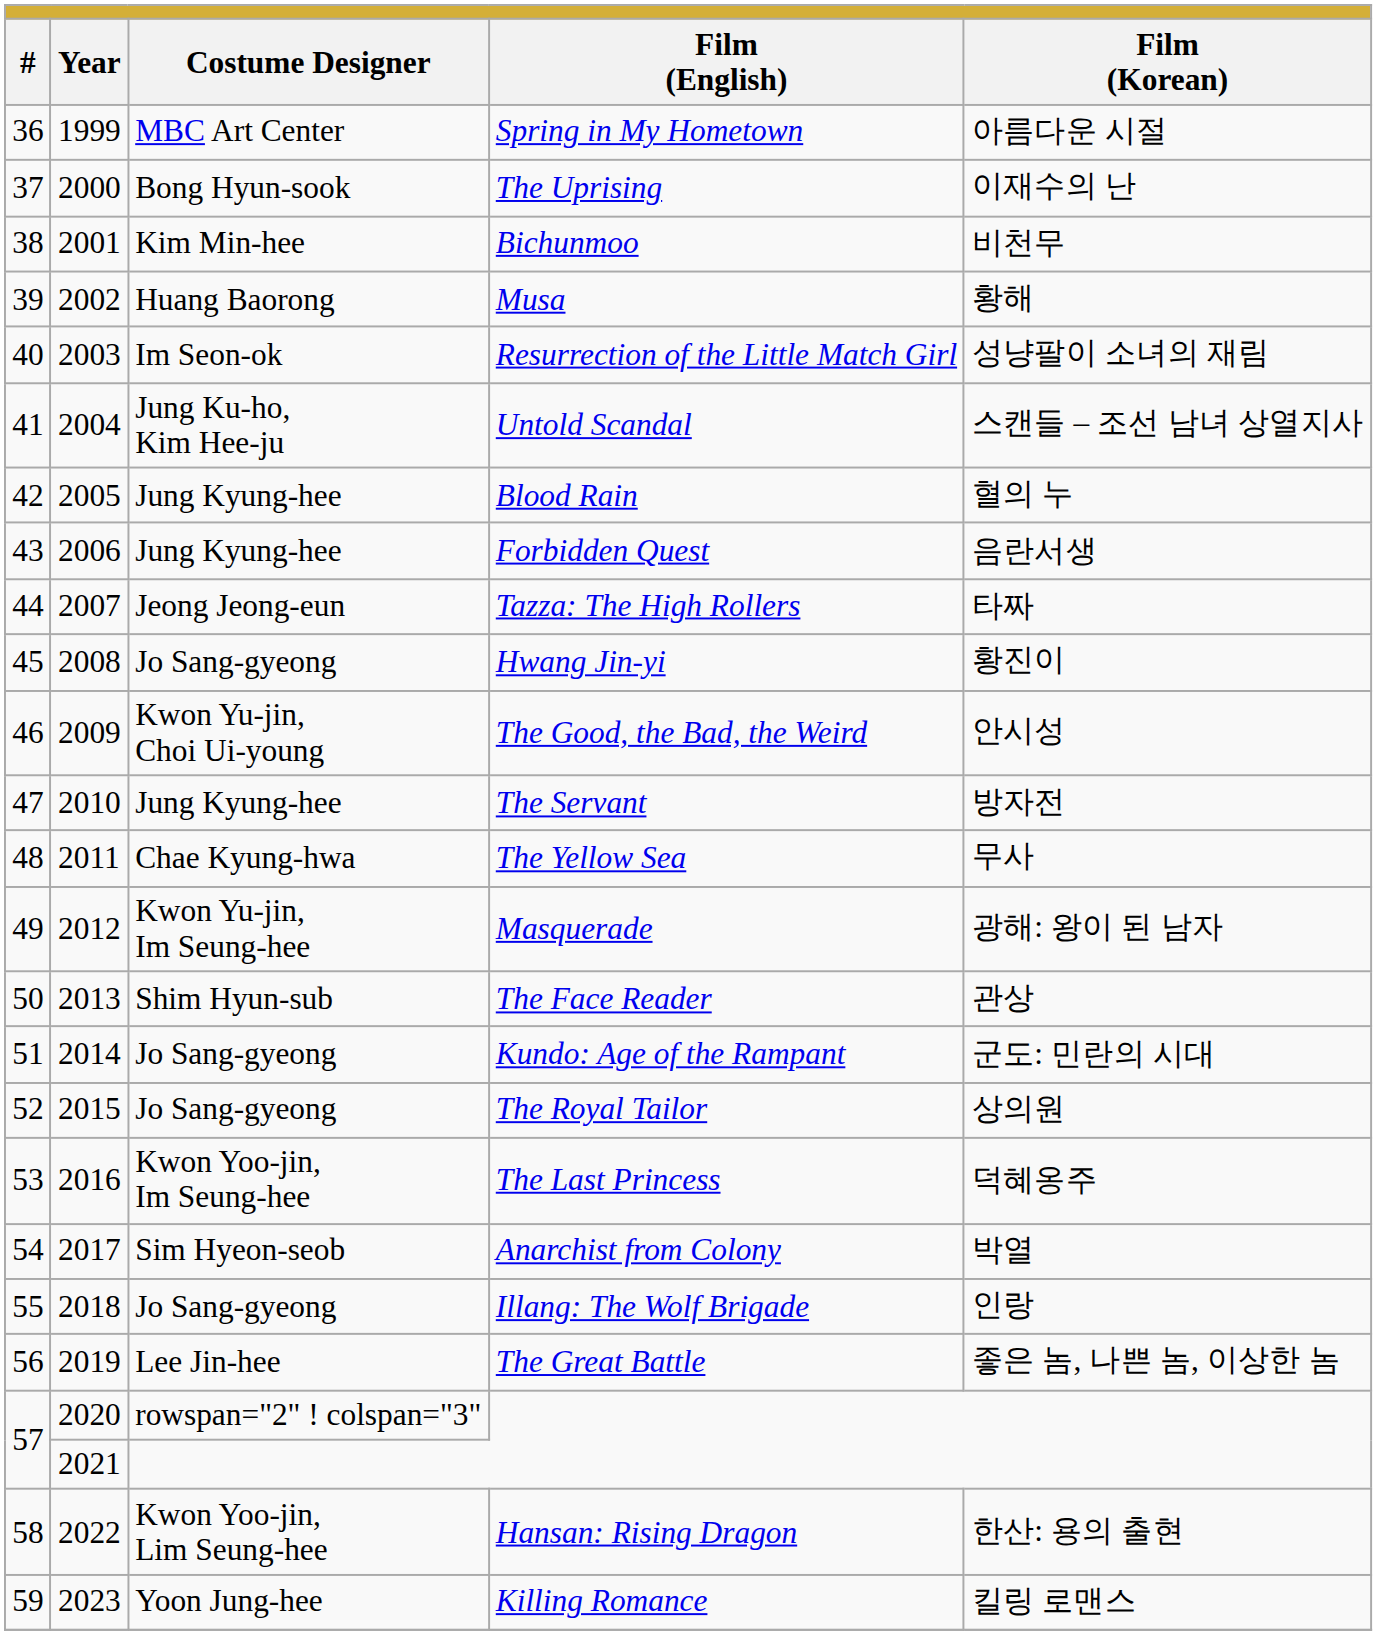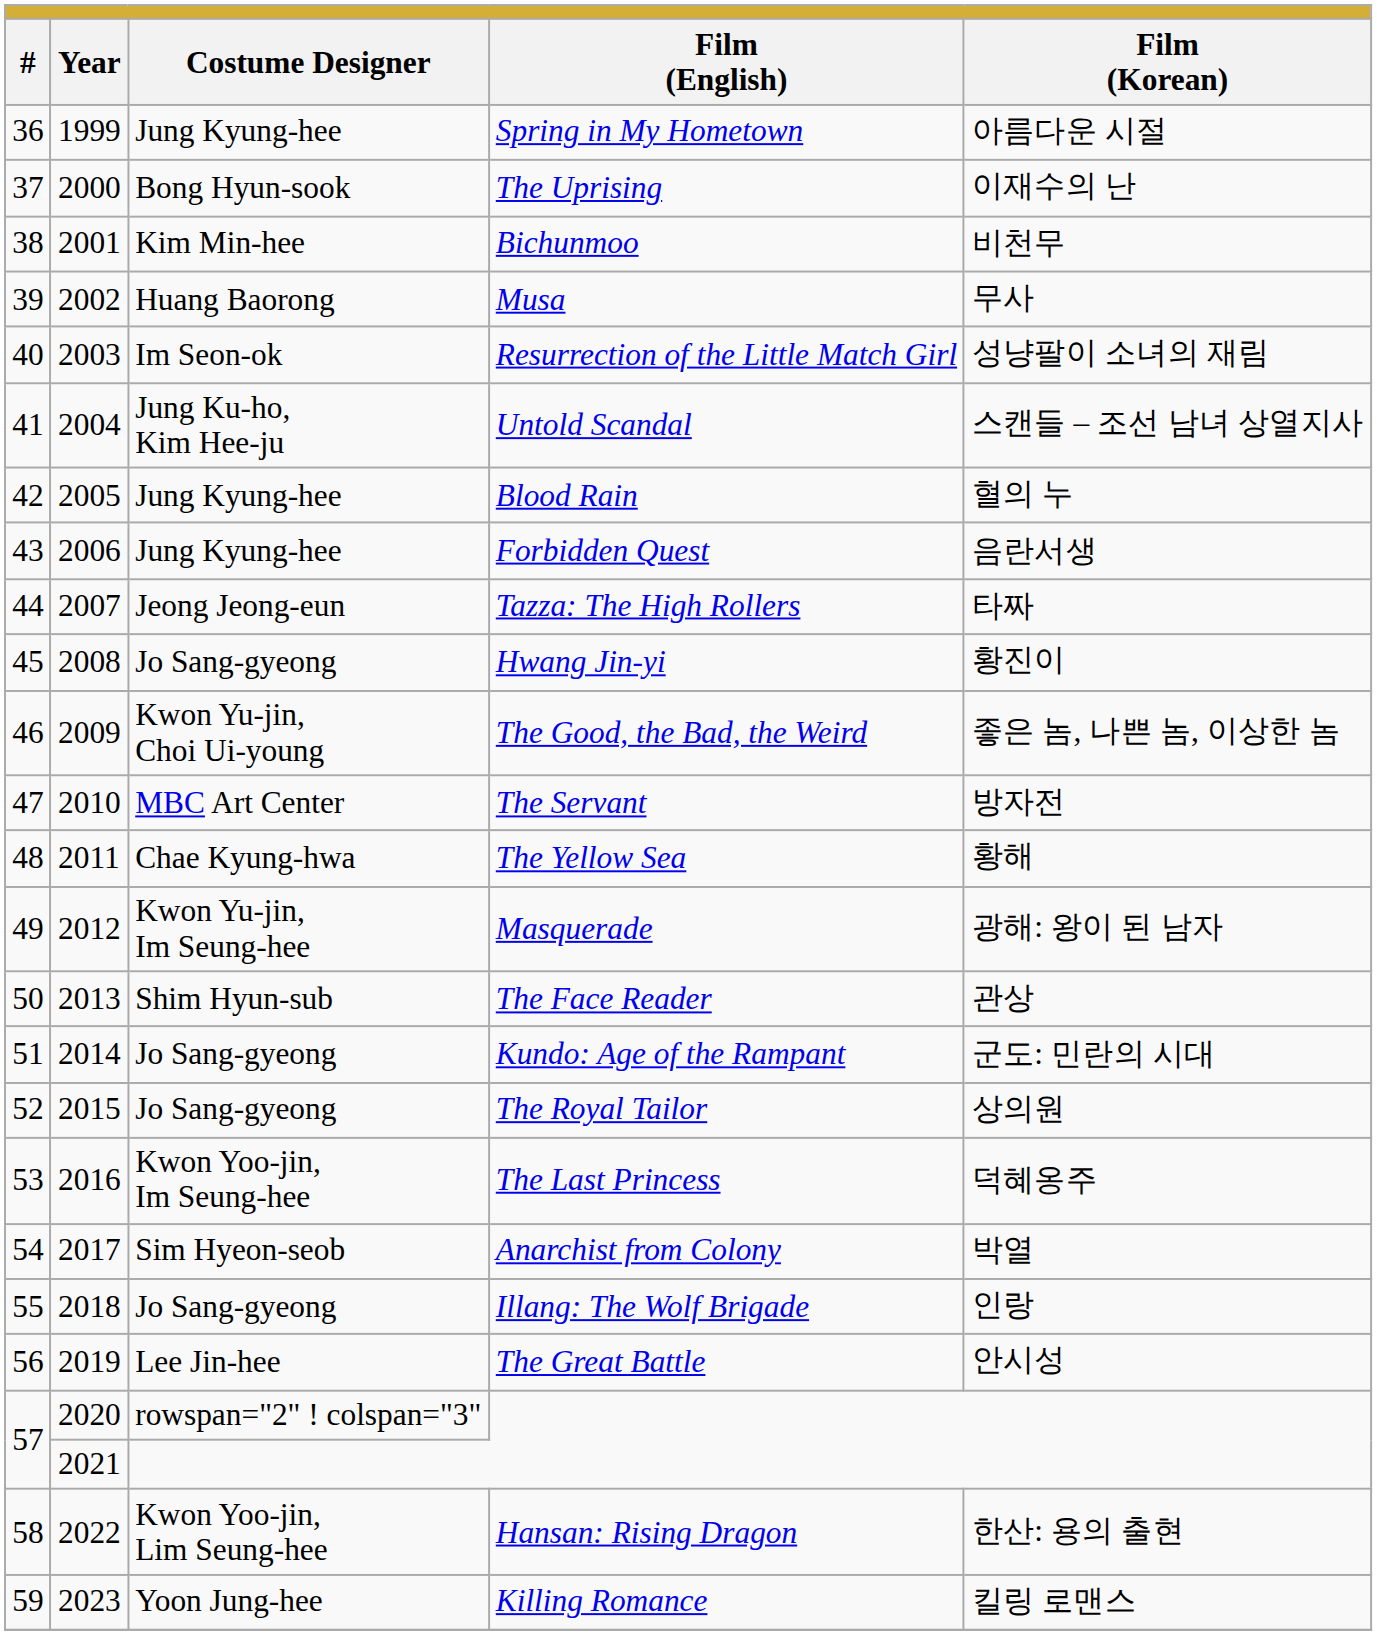 <table class="wikitable collapsible collapsed">
 <tr>
 <th colspan="5" style="background: #D4AF37;"></th>
 </tr>
 <tr>
 <th>#</th>
 <th>Year</th>
 <th>Costume Designer</th>
 <th>Film<br>(English)</th>
 <th>Film<br>(Korean)</th>
 </tr>
 <tr>
 <td>36</td>
 <td>1999</td>
-<td><a href='#'>MBC</a> Art Center</td>
+<td>Jung Kyung-hee</td>
 <td><em><a href='#'>Spring in My Hometown</a></em></td>
 <td>아름다운 시절</td>
 </tr>
 <tr>
 <td>37</td>
 <td>2000</td>
 <td>Bong Hyun-sook</td>
 <td><em><a href='#'>The Uprising</a></em></td>
 <td>이재수의 난</td>
 </tr>
 <tr>
 <td>38</td>
 <td>2001</td>
 <td>Kim Min-hee</td>
 <td><em><a href='#'>Bichunmoo</a></em></td>
 <td>비천무</td>
 </tr>
 <tr>
 <td>39</td>
 <td>2002</td>
 <td>Huang Baorong</td>
 <td><em><a href='#'>Musa</a></em></td>
-<td>황해</td>
+<td>무사</td>
 </tr>
 <tr>
 <td>40</td>
 <td>2003</td>
 <td>Im Seon-ok</td>
 <td><em><a href='#'>Resurrection of the Little Match Girl</a></em></td>
 <td>성냥팔이 소녀의 재림</td>
 </tr>
 <tr>
 <td>41</td>
 <td>2004</td>
 <td>Jung Ku-ho,<br>Kim Hee-ju</td>
 <td><em><a href='#'>Untold Scandal</a></em></td>
 <td>스캔들 – 조선 남녀 상열지사</td>
 </tr>
 <tr>
 <td>42</td>
 <td>2005</td>
 <td>Jung Kyung-hee</td>
 <td><em><a href='#'>Blood Rain</a></em></td>
 <td>혈의 누</td>
 </tr>
 <tr>
 <td>43</td>
 <td>2006</td>
 <td>Jung Kyung-hee</td>
 <td><em><a href='#'>Forbidden Quest</a></em></td>
 <td>음란서생</td>
 </tr>
 <tr>
 <td>44</td>
 <td>2007</td>
 <td>Jeong Jeong-eun</td>
 <td><em><a href='#'>Tazza: The High Rollers</a></em></td>
 <td>타짜</td>
 </tr>
 <tr>
 <td>45</td>
 <td>2008</td>
 <td>Jo Sang-gyeong</td>
 <td><em><a href='#'>Hwang Jin-yi</a></em></td>
 <td>황진이</td>
 </tr>
 <tr>
 <td>46</td>
 <td>2009</td>
 <td>Kwon Yu-jin,<br>Choi Ui-young</td>
 <td><em><a href='#'>The Good, the Bad, the Weird</a></em></td>
-<td>안시성</td>
+<td>좋은 놈, 나쁜 놈, 이상한 놈</td>
 </tr>
 <tr>
 <td>47</td>
 <td>2010</td>
-<td>Jung Kyung-hee</td>
+<td><a href='#'>MBC</a> Art Center</td>
 <td><em><a href='#'>The Servant</a></em></td>
 <td>방자전</td>
 </tr>
 <tr>
 <td>48</td>
 <td>2011</td>
 <td>Chae Kyung-hwa</td>
 <td><em><a href='#'>The Yellow Sea</a></em></td>
-<td>무사</td>
+<td>황해</td>
 </tr>
 <tr>
 <td>49</td>
 <td>2012</td>
 <td>Kwon Yu-jin,<br>Im Seung-hee</td>
 <td><em><a href='#'>Masquerade</a></em></td>
 <td>광해: 왕이 된 남자</td>
 </tr>
 <tr>
 <td>50</td>
 <td>2013</td>
 <td>Shim Hyun-sub</td>
 <td><em><a href='#'>The Face Reader</a></em></td>
 <td>관상</td>
 </tr>
 <tr>
 <td>51</td>
 <td>2014</td>
 <td>Jo Sang-gyeong</td>
 <td><em><a href='#'>Kundo: Age of the Rampant</a></em></td>
 <td>군도: 민란의 시대</td>
 </tr>
 <tr>
 <td>52</td>
 <td>2015</td>
 <td>Jo Sang-gyeong</td>
 <td><em><a href='#'>The Royal Tailor</a></em></td>
 <td>상의원</td>
 </tr>
 <tr>
 <td>53</td>
 <td>2016</td>
 <td>Kwon Yoo-jin,<br>Im Seung-hee</td>
 <td><em><a href='#'>The Last Princess</a></em></td>
 <td>덕혜옹주</td>
 </tr>
 <tr>
 <td>54</td>
 <td>2017</td>
 <td>Sim Hyeon-seob</td>
 <td><em><a href='#'>Anarchist from Colony</a></em></td>
 <td>박열</td>
 </tr>
 <tr>
 <td>55</td>
 <td>2018</td>
 <td>Jo Sang-gyeong</td>
 <td><em><a href='#'>Illang: The Wolf Brigade</a></em></td>
 <td>인랑</td>
 </tr>
 <tr>
 <td>56</td>
 <td>2019</td>
 <td>Lee Jin-hee</td>
 <td><em><a href='#'>The Great Battle</a></em></td>
-<td>좋은 놈, 나쁜 놈, 이상한 놈</td>
+<td>안시성</td>
 </tr>
 <tr>
 <td rowspan="2">57</td>
 <td>2020</td>
 <td>rowspan="2" ! colspan="3" </td>
 </tr>
 <tr>
 <td>2021</td>
 </tr>
 <tr>
 <td>58</td>
 <td>2022</td>
 <td>Kwon Yoo-jin,<br>Lim Seung-hee</td>
 <td><em><a href='#'>Hansan: Rising Dragon</a></em></td>
 <td>한산: 용의 출현</td>
 </tr>
 <tr>
 <td>59</td>
 <td>2023</td>
 <td>Yoon Jung-hee</td>
 <td><em><a href='#'>Killing Romance</a></em></td>
 <td>킬링 로맨스</td>
 </tr>
 <tr>
 </tr>
 </table>
